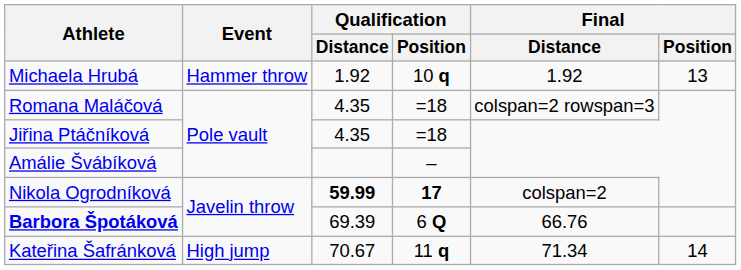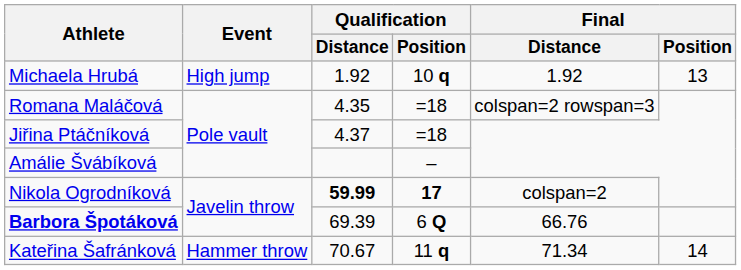 <table class=wikitable style=font-size:90%>
 <tr>
 <th rowspan=2>Athlete</th>
 <th rowspan=2>Event</th>
 <th colspan=2>Qualification</th>
 <th colspan=2>Final</th>
 </tr>
 <tr style=font-size:95%>
 <th>Distance</th>
 <th>Position</th>
 <th>Distance</th>
 <th>Position</th>
 </tr>
 <tr align=center>
 <td align=left><a href='#'>Michaela Hrubá</a></td>
-<td align=left  rowspan=1><a href='#'>Hammer throw</a></td>
+<td align=left><a href='#'>High jump</a></td>
 <td>1.92</td>
 <td>10 <strong>q</strong></td>
 <td>1.92</td>
 <td>13</td>
 </tr>
 <tr align=center>
 <td align=left><a href='#'>Romana Maláčová</a></td>
 <td align=left rowspan=3><a href='#'>Pole vault</a></td>
 <td>4.35</td>
 <td>=18</td>
 <td>colspan=2 rowspan=3 </td>
 </tr>
 <tr align=center>
 <td align=left><a href='#'>Jiřina Ptáčníková</a></td>
-<td>4.35</td>
+<td>4.37</td>
 <td>=18</td>
 </tr>
 <tr align=center>
 <td align=left><a href='#'>Amálie Švábíková</a></td>
 <td></td>
 <td>–</td>
 </tr>
 <tr align=center>
 <td align=left><a href='#'>Nikola Ogrodníková</a></td>
 <td align=left rowspan=2><a href='#'>Javelin throw</a></td>
 <td><strong>59.99</strong></td>
 <td><strong>17</strong></td>
 <td>colspan=2 </td>
 </tr>
 <tr align=center>
 <td align=left><strong><a href='#'>Barbora Špotáková</a></strong></td>
 <td>69.39</td>
 <td>6 <strong>Q</strong></td>
 <td>66.76</td>
 <td></td>
 </tr>
 <tr align=center>
 <td align=left><a href='#'>Kateřina Šafránková</a></td>
-<td align=left><a href='#'>High jump</a></td>
+<td align=left  rowspan=1><a href='#'>Hammer throw</a></td>
 <td>70.67</td>
 <td>11 <strong>q</strong></td>
 <td>71.34 <strong></strong></td>
 <td>14</td>
 </tr>
 </table>
